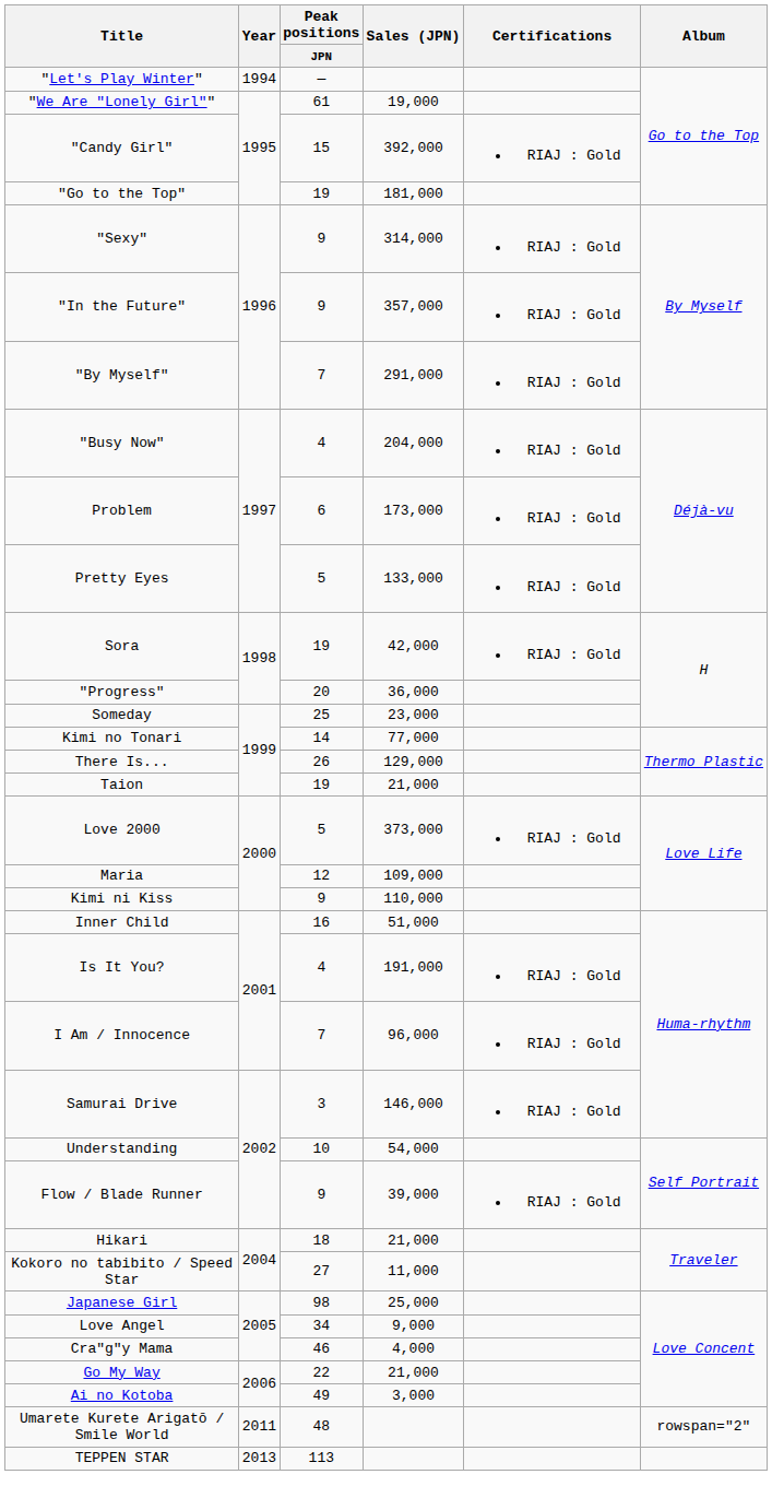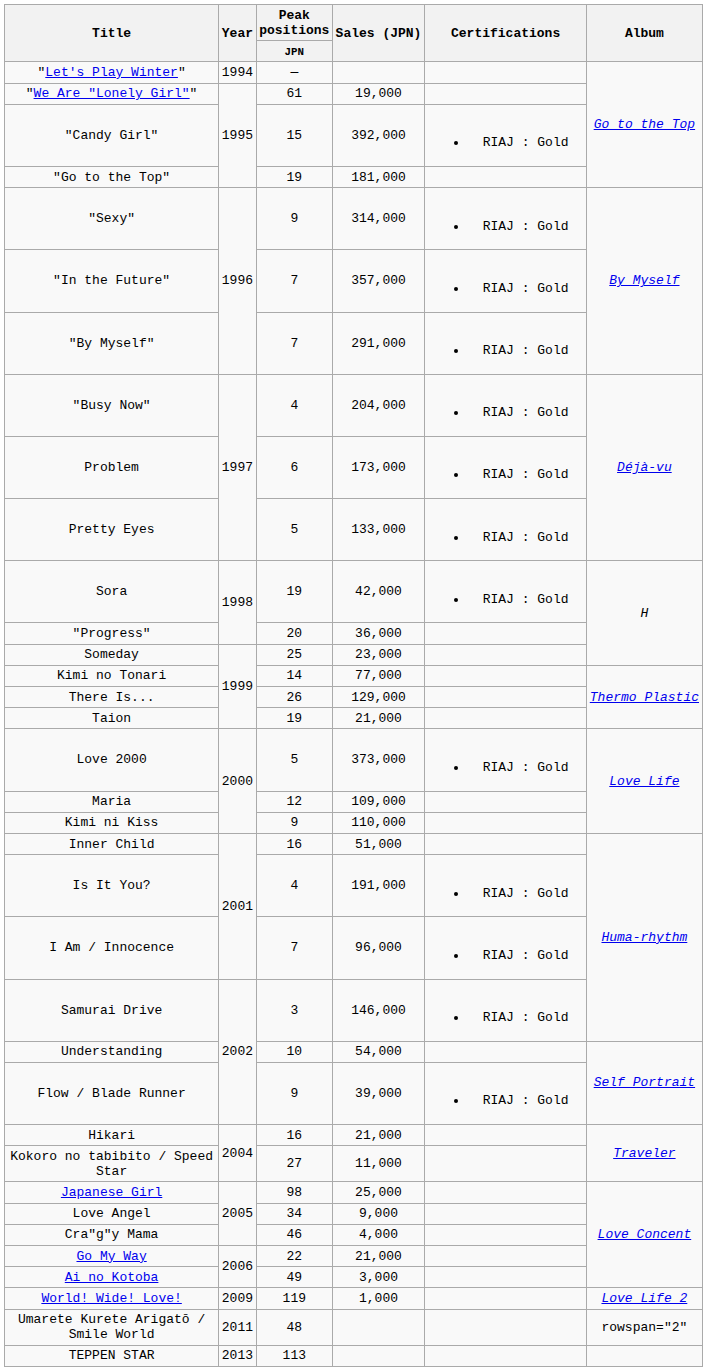 <table class="wikitable plainrowheaders" style="text-align:center;">
 <tr>
 <th scope="col" rowspan="2" style="width:16em;">Title</th>
 <th scope="col" rowspan="2">Year</th>
 <th colspan="1">Peak positions</th>
 <th scope="col" rowspan="2">Sales (JPN)</th>
 <th scope="col" rowspan="2" style="width:12em;">Certifications</th>
 <th scope="col" rowspan="2">Album</th>
 </tr>
 <tr>
 <th style="width:2.5em;"><small>JPN</small><br></th>
 </tr>
 <tr>
 <td>"<a href='#'>Let's Play Winter</a>"</td>
 <td>1994</td>
 <td>—</td>
 <td></td>
 <td></td>
 <td rowspan="4"><a href='#'><em>Go to the Top</em></a></td>
 </tr>
 <tr>
 <td>"<a href='#'>We Are "Lonely Girl"</a>"</td>
 <td rowspan="3">1995</td>
 <td>61</td>
 <td>19,000</td>
 <td></td>
 </tr>
 <tr>
 <td>"Candy Girl"</td>
 <td>15</td>
 <td>392,000</td>
 <td><br><ul><li>RIAJ : Gold</li></ul></td>
 </tr>
 <tr>
 <td>"Go to the Top"</td>
 <td>19</td>
 <td>181,000</td>
 <td></td>
 </tr>
 <tr>
 <td>"Sexy"</td>
 <td rowspan="3">1996</td>
 <td>9</td>
 <td>314,000</td>
 <td><br><ul><li>RIAJ : Gold</li></ul></td>
 <td rowspan="3"><a href='#'><em>By Myself</em></a></td>
 </tr>
 <tr>
 <td>"In the Future"</td>
-<td>9</td>
+<td>7</td>
 <td>357,000</td>
 <td><br><ul><li>RIAJ : Gold</li></ul></td>
 </tr>
 <tr>
 <td>"By Myself"</td>
 <td>7</td>
 <td>291,000</td>
 <td><br><ul><li>RIAJ : Gold</li></ul></td>
 </tr>
 <tr>
 <td>"Busy Now"</td>
 <td rowspan="3">1997</td>
 <td>4</td>
 <td>204,000</td>
 <td><br><ul><li>RIAJ : Gold</li></ul></td>
 <td rowspan="3"><a href='#'><em>Déjà-vu</em></a></td>
 </tr>
 <tr>
 <td>Problem</td>
 <td>6</td>
 <td>173,000</td>
 <td><br><ul><li>RIAJ : Gold</li></ul></td>
 </tr>
 <tr>
 <td>Pretty Eyes</td>
 <td>5</td>
 <td>133,000</td>
 <td><br><ul><li>RIAJ : Gold</li></ul></td>
 </tr>
 <tr>
 <td>Sora</td>
 <td rowspan="2">1998</td>
 <td>19</td>
 <td>42,000</td>
 <td><br><ul><li>RIAJ : Gold</li></ul></td>
 <td rowspan="3"><em>H</em></td>
 </tr>
 <tr>
 <td>"Progress"</td>
 <td>20</td>
 <td>36,000</td>
 <td></td>
 </tr>
 <tr>
 <td>Someday</td>
 <td rowspan="4">1999</td>
 <td>25</td>
 <td>23,000</td>
 <td></td>
 </tr>
 <tr>
 <td>Kimi no Tonari</td>
 <td>14</td>
 <td>77,000</td>
 <td></td>
 <td rowspan="3"><em><a href='#'>Thermo Plastic</a></em></td>
 </tr>
 <tr>
 <td>There Is...</td>
 <td>26</td>
 <td>129,000</td>
 <td></td>
 </tr>
 <tr>
 <td>Taion</td>
 <td>19</td>
 <td>21,000</td>
 <td></td>
 </tr>
 <tr>
 <td>Love 2000</td>
 <td rowspan="3">2000</td>
 <td>5</td>
 <td>373,000</td>
 <td><br><ul><li>RIAJ : Gold</li></ul></td>
 <td rowspan="3"><a href='#'><em>Love Life</em></a></td>
 </tr>
 <tr>
 <td>Maria</td>
 <td>12</td>
 <td>109,000</td>
 <td></td>
 </tr>
 <tr>
 <td>Kimi ni Kiss</td>
 <td>9</td>
 <td>110,000</td>
 <td></td>
 </tr>
 <tr>
 <td>Inner Child</td>
 <td rowspan="3">2001</td>
 <td>16</td>
 <td>51,000</td>
 <td></td>
 <td rowspan="4"><em><a href='#'>Huma-rhythm</a></em></td>
 </tr>
 <tr>
 <td>Is It You?</td>
 <td>4</td>
 <td>191,000</td>
 <td><br><ul><li>RIAJ : Gold</li></ul></td>
 </tr>
 <tr>
 <td>I Am / Innocence</td>
 <td>7</td>
 <td>96,000</td>
 <td><br><ul><li>RIAJ : Gold</li></ul></td>
 </tr>
 <tr>
 <td>Samurai Drive</td>
 <td rowspan="3">2002</td>
 <td>3</td>
 <td>146,000</td>
 <td><br><ul><li>RIAJ : Gold</li></ul></td>
 </tr>
 <tr>
 <td>Understanding</td>
 <td>10</td>
 <td>54,000</td>
 <td></td>
 <td rowspan="2"><a href='#'><em>Self Portrait</em></a></td>
 </tr>
 <tr>
 <td>Flow / Blade Runner</td>
 <td>9</td>
 <td>39,000</td>
 <td><br><ul><li>RIAJ : Gold</li></ul></td>
 </tr>
 <tr>
 <td>Hikari</td>
 <td rowspan="2">2004</td>
-<td>18</td>
+<td>16</td>
 <td>21,000</td>
 <td></td>
 <td rowspan="2"><a href='#'><em>Traveler</em></a></td>
 </tr>
 <tr>
 <td>Kokoro no tabibito / Speed Star</td>
 <td>27</td>
 <td>11,000</td>
 <td></td>
 </tr>
 <tr>
 <td><a href='#'>Japanese Girl</a></td>
 <td rowspan="3">2005</td>
 <td>98</td>
 <td>25,000</td>
 <td></td>
 <td rowspan="5"><em><a href='#'>Love Concent</a></em></td>
 </tr>
 <tr>
 <td>Love Angel</td>
 <td>34</td>
 <td>9,000</td>
 <td></td>
 </tr>
 <tr>
 <td>Cra"g"y Mama</td>
 <td>46</td>
 <td>4,000</td>
 <td></td>
 </tr>
 <tr>
 <td><a href='#'>Go My Way</a></td>
 <td rowspan="2">2006</td>
 <td>22</td>
 <td>21,000</td>
 <td></td>
 </tr>
 <tr>
 <td><a href='#'>Ai no Kotoba</a></td>
 <td>49</td>
 <td>3,000</td>
 <td></td>
 </tr>
 <tr>
+<td><a href='#'>World! Wide! Love!</a></td>
+<td>2009</td>
+<td>119</td>
+<td>1,000</td>
+<td></td>
+<td><em><a href='#'>Love Life 2</a></em></td>
+</tr>
+<tr>
 <td>Umarete Kurete Arigatō / Smile World</td>
 <td>2011</td>
 <td>48</td>
 <td></td>
 <td></td>
 <td>rowspan="2" </td>
 </tr>
 <tr>
 <td>TEPPEN STAR</td>
 <td>2013</td>
 <td>113</td>
 <td></td>
 <td></td>
 </tr>
 <tr>
 </tr>
 </table>
